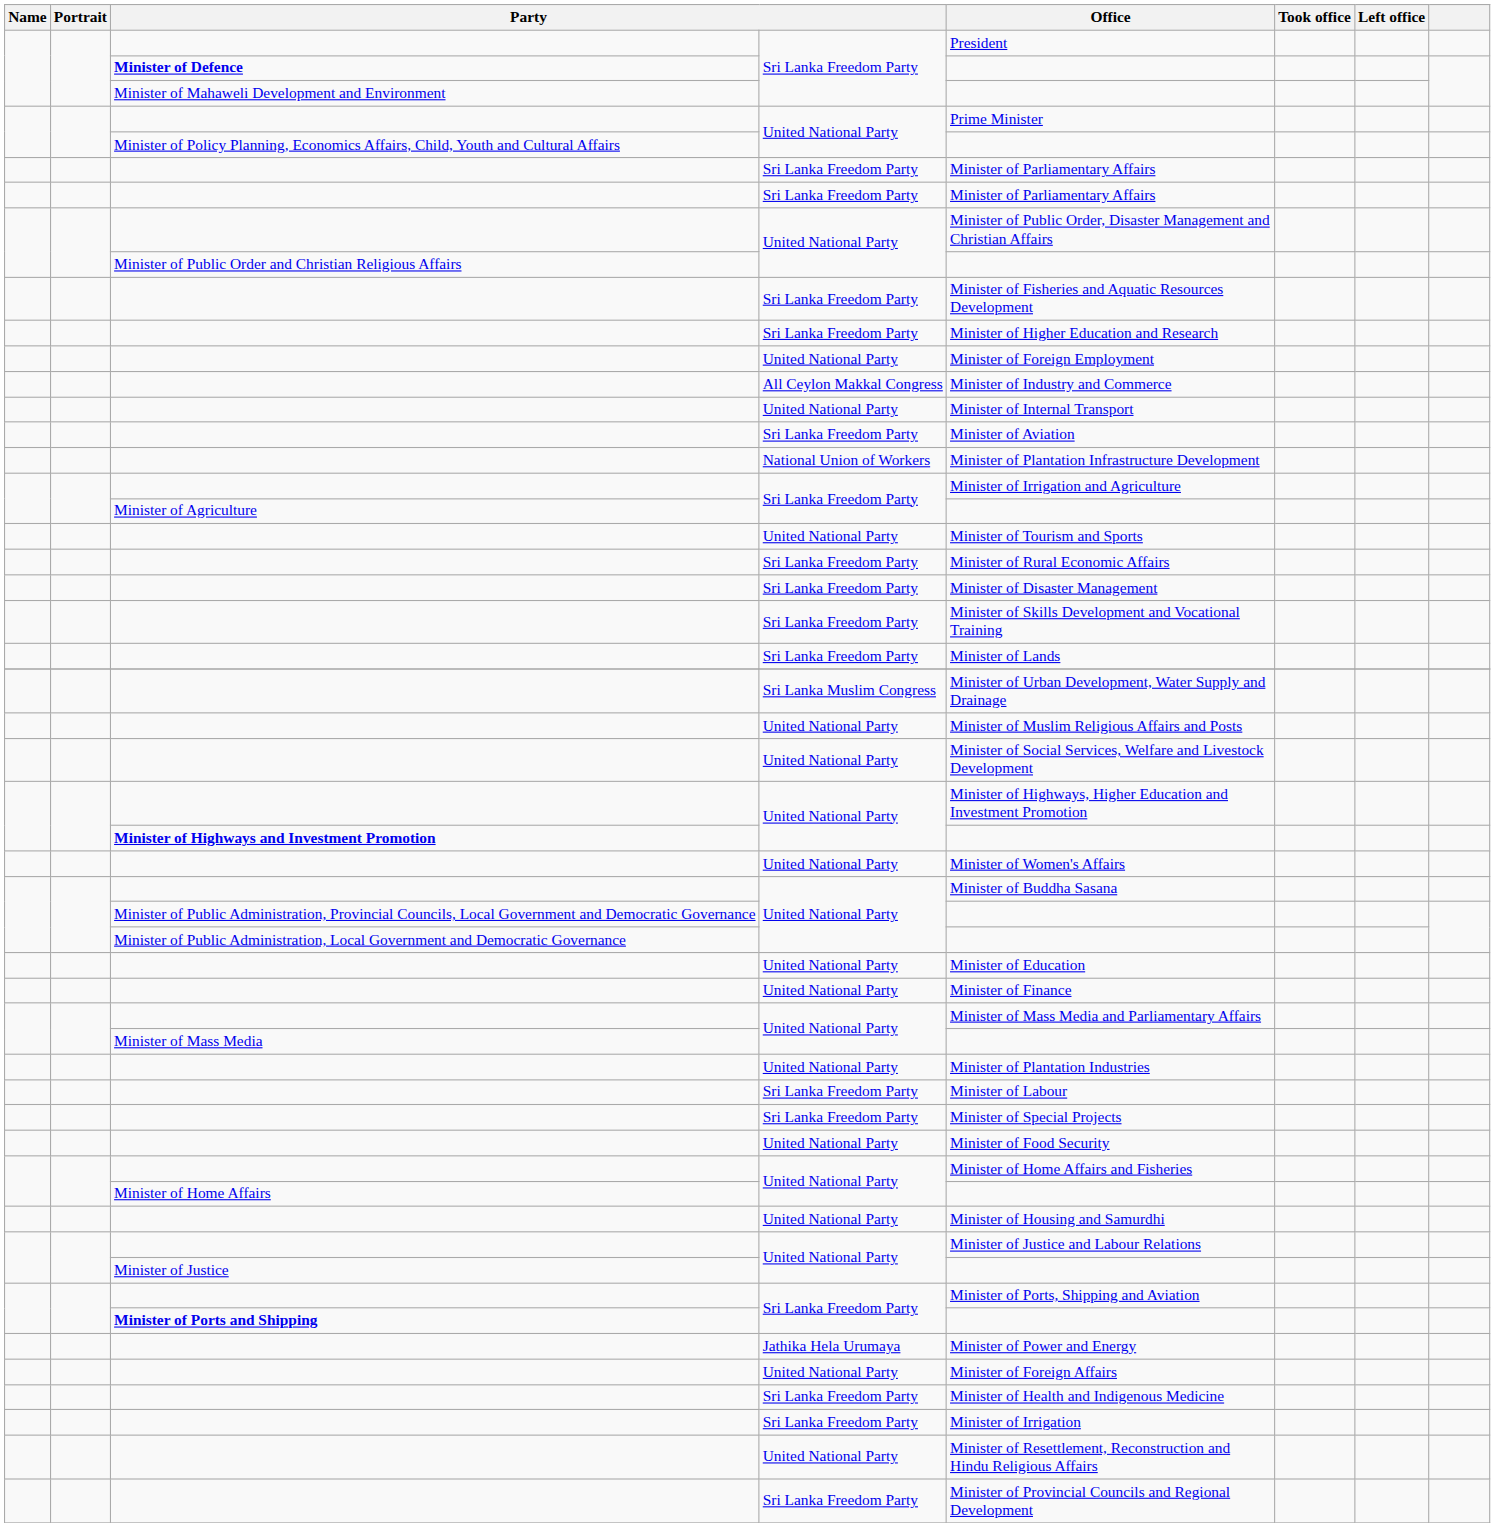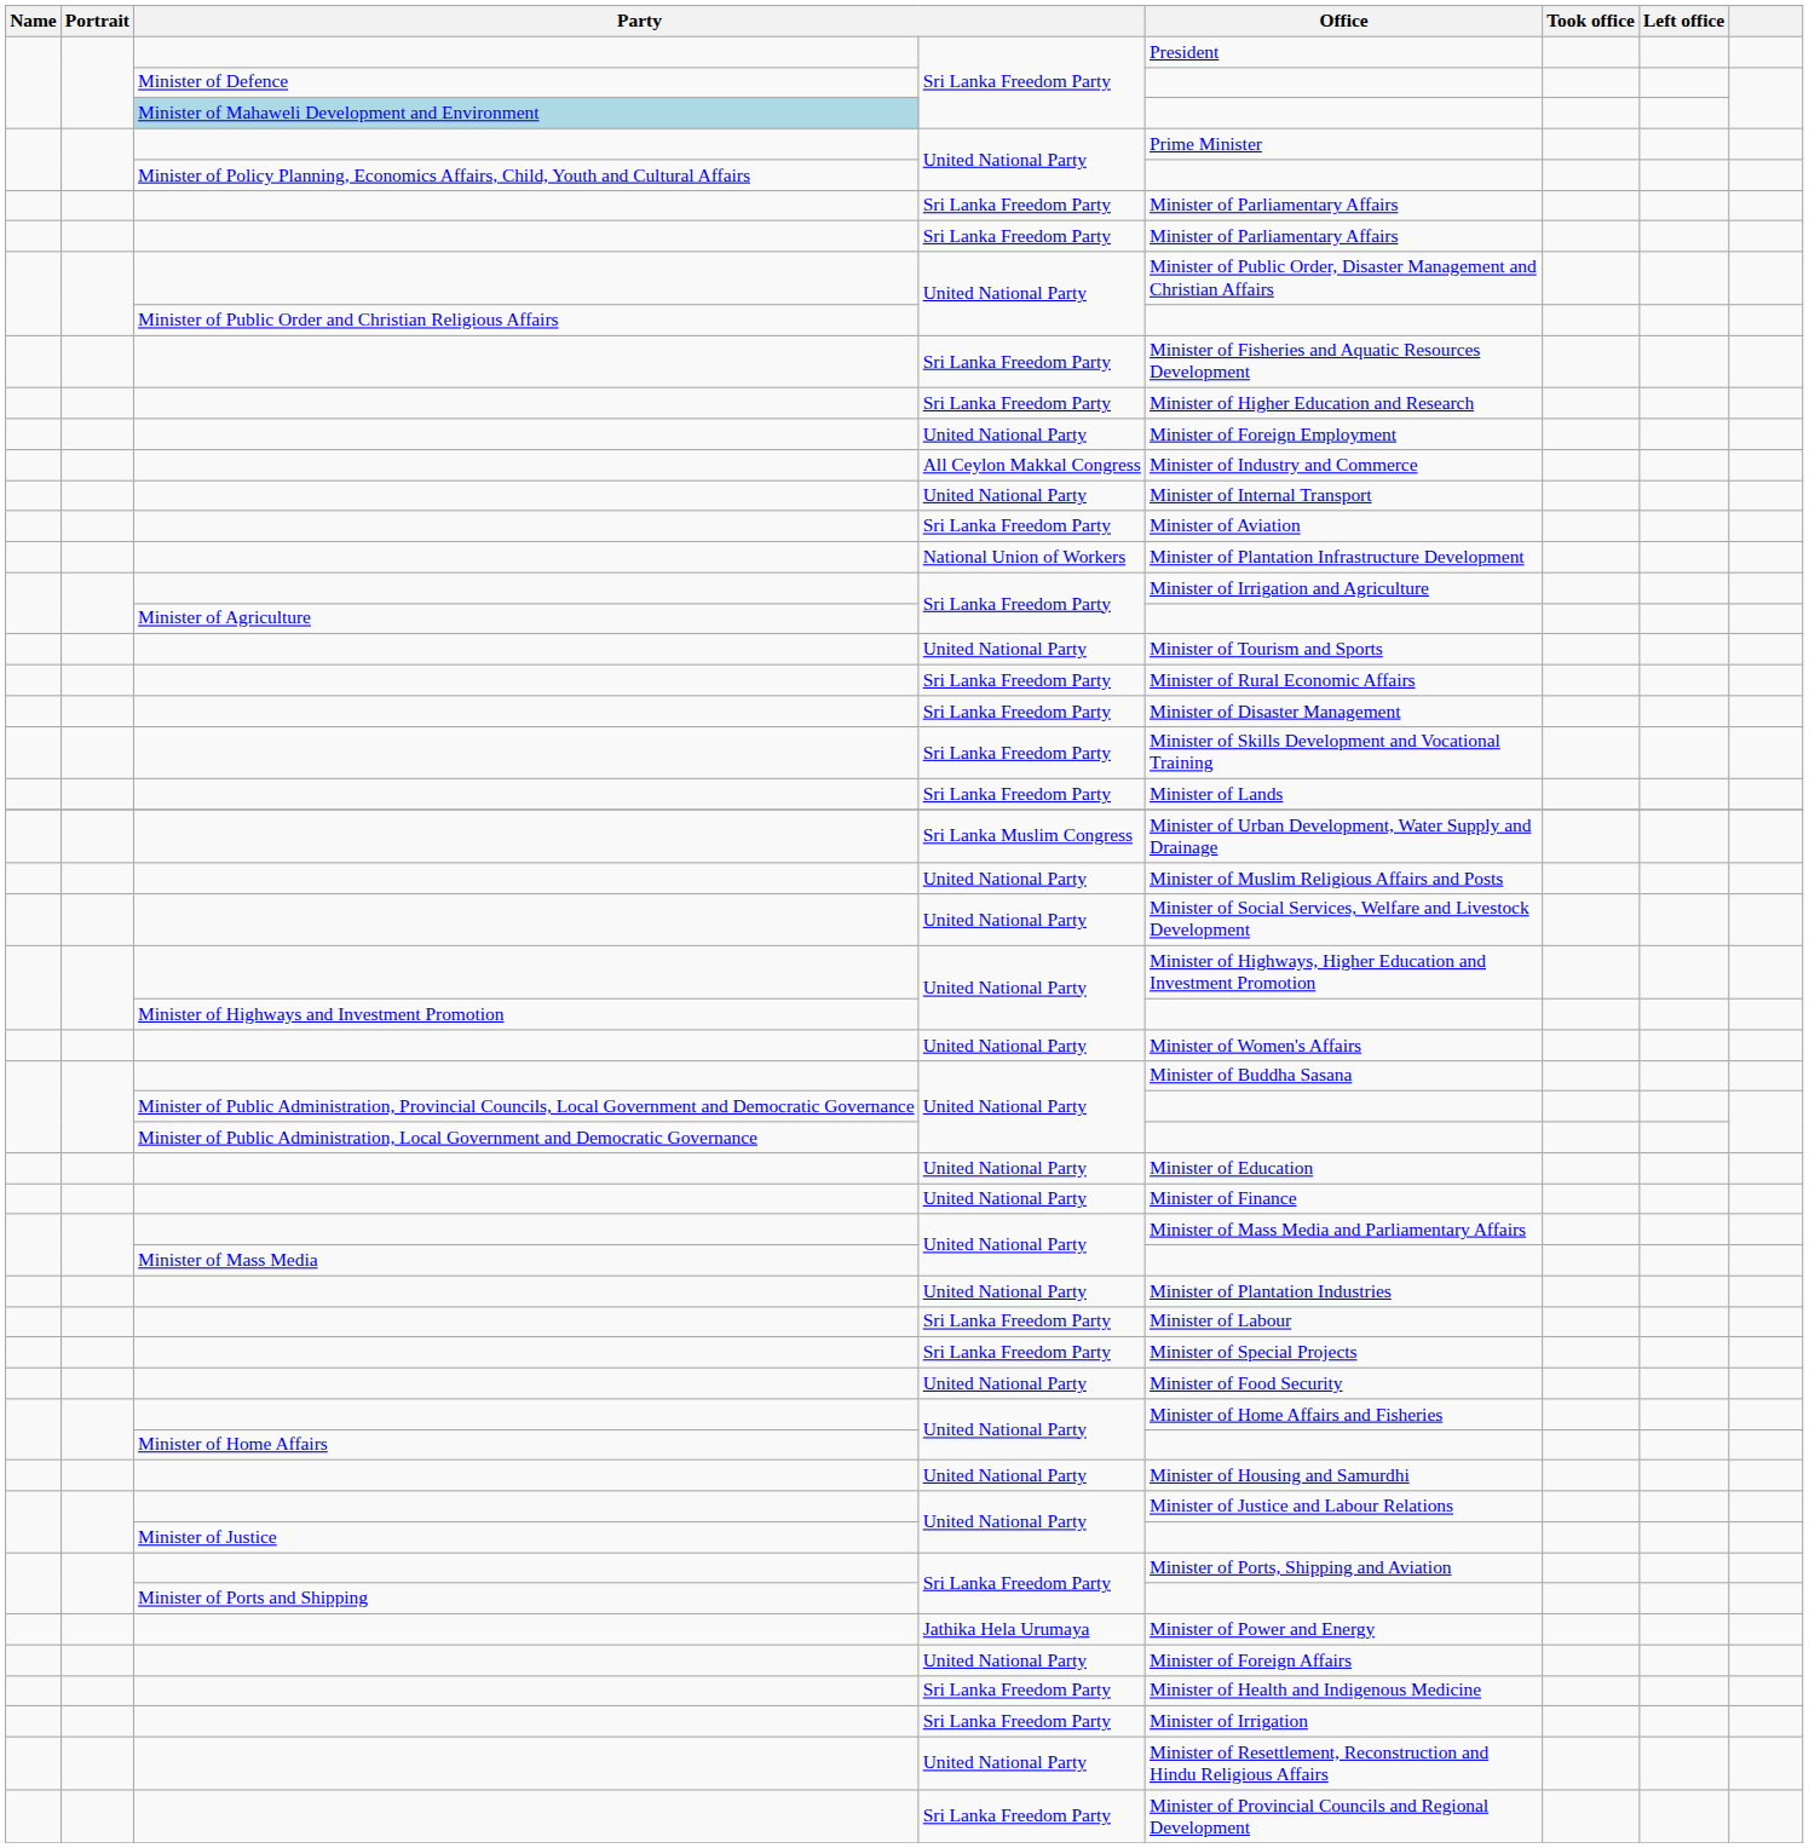 <table class="wikitable plainrowheaders sortable" style="font-size:90%; text-align:left;">
 <tr>
 <th scope=col>Name</th>
 <th scope=col class=unsortable>Portrait</th>
 <th scope=col colspan="2">Party</th>
 <th scope=col width=300px>Office</th>
 <th scope=col>Took office</th>
 <th scope=col>Left office</th>
 <th scope=col width=50px class=unsortable></th>
 </tr>
 <tr>
 <td rowspan=3></td>
 <td align=center rowspan=3></td>
 <td !align="center" style="background:"></td>
 <td rowspan=3><a href='#'>Sri Lanka Freedom Party</a></td>
 <td><a href='#'>President</a></td>
 <td align=center></td>
 <td align=center></td>
 <td align=center></td>
 </tr>
 <tr>
-<td><strong><a href='#'>Minister of Defence</a></strong></td>
+<td><a href='#'>Minister of Defence</a></td>
 <td align=center></td>
 <td align=center></td>
 <td align=center></td>
 </tr>
 <tr>
-<td><a href='#'>Minister of Mahaweli Development and Environment</a></td>
+<td style="background: lightblue;"><a href='#'>Minister of Mahaweli Development and Environment</a></td>
 <td align=center></td>
 <td align=center></td>
 <td align=center></td>
 </tr>
 <tr>
 <td rowspan=2></td>
 <td align=center rowspan=2></td>
 <td !align="center" style="background:"></td>
 <td rowspan=2><a href='#'>United National Party</a></td>
 <td><a href='#'>Prime Minister</a></td>
 <td align=center></td>
 <td align=center></td>
 <td align=center></td>
 </tr>
 <tr>
 <td><a href='#'>Minister of Policy Planning, Economics Affairs, Child, Youth and Cultural Affairs</a></td>
 <td align=center></td>
 <td align=center></td>
 <td align=center></td>
 </tr>
 <tr>
 <td></td>
 <td align=center></td>
 <td !align="center" style="background:"></td>
 <td><a href='#'>Sri Lanka Freedom Party</a></td>
 <td><a href='#'>Minister of Parliamentary Affairs</a></td>
 <td align=center></td>
 <td align=center></td>
 <td align=center></td>
 </tr>
 <tr>
 <td></td>
 <td align=center></td>
 <td !align="center" style="background:"></td>
 <td><a href='#'>Sri Lanka Freedom Party</a></td>
 <td><a href='#'>Minister of Parliamentary Affairs</a></td>
 <td align=center></td>
 <td align=center></td>
 <td align=center></td>
 </tr>
 <tr>
 <td rowspan=2></td>
 <td align=center rowspan=2></td>
 <td !align="center" style="background:"></td>
 <td rowspan=2><a href='#'>United National Party</a></td>
 <td><a href='#'>Minister of Public Order, Disaster Management and Christian Affairs</a></td>
 <td align=center></td>
 <td align=center></td>
 <td align=center></td>
 </tr>
 <tr>
 <td><a href='#'>Minister of Public Order and Christian Religious Affairs</a></td>
 <td align=center></td>
 <td align=center></td>
 <td align=center></td>
 </tr>
 <tr>
 <td></td>
 <td align=center></td>
 <td !align="center" style="background:"></td>
 <td><a href='#'>Sri Lanka Freedom Party</a></td>
 <td><a href='#'>Minister of Fisheries and Aquatic Resources Development</a></td>
 <td align=center></td>
 <td align=center></td>
 <td align=center></td>
 </tr>
 <tr>
 <td></td>
 <td align=center></td>
 <td !align="center" style="background:"></td>
 <td><a href='#'>Sri Lanka Freedom Party</a></td>
 <td><a href='#'>Minister of Higher Education and Research</a></td>
 <td align=center></td>
 <td align=center></td>
 <td align=center></td>
 </tr>
 <tr>
 <td></td>
 <td align=center></td>
 <td !align="center" style="background:"></td>
 <td><a href='#'>United National Party</a></td>
 <td><a href='#'>Minister of Foreign Employment</a></td>
 <td align=center></td>
 <td align=center></td>
 <td align=center></td>
 </tr>
 <tr>
 <td></td>
 <td align=center></td>
 <td !align="center" style="background:"></td>
 <td><a href='#'>All Ceylon Makkal Congress</a></td>
 <td><a href='#'>Minister of Industry and Commerce</a></td>
 <td align=center></td>
 <td align=center></td>
 <td align=center></td>
 </tr>
 <tr>
 <td></td>
 <td align=center></td>
 <td !align="center" style="background:"></td>
 <td><a href='#'>United National Party</a></td>
 <td><a href='#'>Minister of Internal Transport</a></td>
 <td align=center></td>
 <td align=center></td>
 <td align=center></td>
 </tr>
 <tr>
 <td></td>
 <td align=center></td>
 <td !align="center" style="background:"></td>
 <td><a href='#'>Sri Lanka Freedom Party</a></td>
 <td><a href='#'>Minister of Aviation</a></td>
 <td align=center></td>
 <td align=center></td>
 <td align=center></td>
 </tr>
 <tr>
 <td></td>
 <td align=center></td>
 <td !align="center" style="background:"></td>
 <td><a href='#'>National Union of Workers</a></td>
 <td><a href='#'>Minister of Plantation Infrastructure Development</a></td>
 <td align=center></td>
 <td align=center></td>
 <td align=center></td>
 </tr>
 <tr>
 <td rowspan=2></td>
 <td align=center rowspan=2></td>
 <td !align="center" style="background:"></td>
 <td rowspan=2><a href='#'>Sri Lanka Freedom Party</a></td>
 <td><a href='#'>Minister of Irrigation and Agriculture</a></td>
 <td align=center></td>
 <td align=center></td>
 <td align=center></td>
 </tr>
 <tr>
 <td><a href='#'>Minister of Agriculture</a></td>
 <td align=center></td>
 <td align=center></td>
 <td align=center></td>
 </tr>
 <tr>
 <td></td>
 <td align=center></td>
 <td !align="center" style="background:"></td>
 <td><a href='#'>United National Party</a></td>
 <td><a href='#'>Minister of Tourism and Sports</a></td>
 <td align=center></td>
 <td align=center></td>
 <td align=center></td>
 </tr>
 <tr>
 <td></td>
 <td align=center></td>
 <td !align="center" style="background:"></td>
 <td><a href='#'>Sri Lanka Freedom Party</a></td>
 <td><a href='#'>Minister of Rural Economic Affairs</a></td>
 <td align=center></td>
 <td align=center></td>
 <td align=center></td>
 </tr>
 <tr>
 <td></td>
 <td align=center></td>
 <td !align="center" style="background:"></td>
 <td><a href='#'>Sri Lanka Freedom Party</a></td>
 <td><a href='#'>Minister of Disaster Management</a></td>
 <td align=center></td>
 <td align=center></td>
 <td align=center></td>
 </tr>
 <tr>
 <td></td>
 <td align=center></td>
 <td !align="center" style="background:"></td>
 <td><a href='#'>Sri Lanka Freedom Party</a></td>
 <td><a href='#'>Minister of Skills Development and Vocational Training</a></td>
 <td align=center></td>
 <td align=center></td>
 <td align=center></td>
 </tr>
 <tr>
 <td></td>
 <td align=center></td>
 <td !align="center" style="background:"></td>
 <td><a href='#'>Sri Lanka Freedom Party</a></td>
 <td><a href='#'>Minister of Lands</a></td>
 <td align=center></td>
 <td align=center></td>
 <td align=center></td>
 </tr>
 <tr>
 </tr>
 <tr>
 <td></td>
 <td align=center></td>
 <td !align="center" style="background:"></td>
 <td><a href='#'>Sri Lanka Muslim Congress</a></td>
 <td><a href='#'>Minister of Urban Development, Water Supply and Drainage</a></td>
 <td align=center></td>
 <td align=center></td>
 <td align=center></td>
 </tr>
 <tr>
 <td></td>
 <td align=center></td>
 <td !align="center" style="background:"></td>
 <td><a href='#'>United National Party</a></td>
 <td><a href='#'>Minister of Muslim Religious Affairs and Posts</a></td>
 <td align=center></td>
 <td align=center></td>
 <td align=center></td>
 </tr>
 <tr>
 <td></td>
 <td align=center></td>
 <td !align="center" style="background:"></td>
 <td><a href='#'>United National Party</a></td>
 <td><a href='#'>Minister of Social Services, Welfare and Livestock Development</a></td>
 <td align=center></td>
 <td align=center></td>
 <td align=center></td>
 </tr>
 <tr>
 <td rowspan=2></td>
 <td align=center rowspan=2></td>
 <td !align="center" style="background:"></td>
 <td rowspan=2><a href='#'>United National Party</a></td>
 <td><a href='#'>Minister of Highways, Higher Education and Investment Promotion</a></td>
 <td align=center></td>
 <td align=center></td>
 <td align=center></td>
 </tr>
 <tr>
-<td><strong><a href='#'>Minister of Highways and Investment Promotion</a></strong></td>
+<td><a href='#'>Minister of Highways and Investment Promotion</a></td>
 <td align=center></td>
 <td align=center></td>
 <td align=center></td>
 </tr>
 <tr>
 <td></td>
 <td align=center></td>
 <td !align="center" style="background:"></td>
 <td><a href='#'>United National Party</a></td>
 <td><a href='#'>Minister of Women's Affairs</a></td>
 <td align=center></td>
 <td align=center></td>
 <td align=center></td>
 </tr>
 <tr>
 <td rowspan=3></td>
 <td align=center rowspan=3></td>
 <td !align="center" style="background:"></td>
 <td rowspan=3><a href='#'>United National Party</a></td>
 <td><a href='#'>Minister of Buddha Sasana</a></td>
 <td align=center></td>
 <td align=center></td>
 <td align=center></td>
 </tr>
 <tr>
 <td><a href='#'>Minister of Public Administration, Provincial Councils, Local Government and Democratic Governance</a></td>
 <td align=center></td>
 <td align=center></td>
 <td align=center></td>
 </tr>
 <tr>
 <td><a href='#'>Minister of Public Administration, Local Government and Democratic Governance</a></td>
 <td align=center></td>
 <td align=center></td>
 <td align=center></td>
 </tr>
 <tr>
 <td></td>
 <td align=center></td>
 <td !align="center" style="background:"></td>
 <td><a href='#'>United National Party</a></td>
 <td><a href='#'>Minister of Education</a></td>
 <td align=center></td>
 <td align=center></td>
 <td align=center></td>
 </tr>
 <tr>
 <td></td>
 <td align=center></td>
 <td !align="center" style="background:"></td>
 <td><a href='#'>United National Party</a></td>
 <td><a href='#'>Minister of Finance</a></td>
 <td align=center></td>
 <td align=center></td>
 <td align=center></td>
 </tr>
 <tr>
 <td rowspan=2></td>
 <td align=center rowspan=2></td>
 <td !align="center" style="background:"></td>
 <td rowspan=2><a href='#'>United National Party</a></td>
 <td><a href='#'>Minister of Mass Media and Parliamentary Affairs</a></td>
 <td align=center></td>
 <td align=center></td>
 <td align=center></td>
 </tr>
 <tr>
 <td><a href='#'>Minister of Mass Media</a></td>
 <td align=center></td>
 <td align=center></td>
 <td align=center></td>
 </tr>
 <tr>
 <td></td>
 <td align=center></td>
 <td !align="center" style="background:"></td>
 <td><a href='#'>United National Party</a></td>
 <td><a href='#'>Minister of Plantation Industries</a></td>
 <td align=center></td>
 <td align=center></td>
 <td align=center></td>
 </tr>
 <tr>
 <td></td>
 <td align=center></td>
 <td !align="center" style="background:"></td>
 <td><a href='#'>Sri Lanka Freedom Party</a></td>
 <td><a href='#'>Minister of Labour</a></td>
 <td align=center></td>
 <td align=center></td>
 <td align=center></td>
 </tr>
 <tr>
 <td></td>
 <td align=center></td>
 <td !align="center" style="background:"></td>
 <td><a href='#'>Sri Lanka Freedom Party</a></td>
 <td><a href='#'>Minister of Special Projects</a></td>
 <td align=center></td>
 <td align=center></td>
 <td align=center></td>
 </tr>
 <tr>
 <td></td>
 <td align=center></td>
 <td !align="center" style="background:"></td>
 <td><a href='#'>United National Party</a></td>
 <td><a href='#'>Minister of Food Security</a></td>
 <td align=center></td>
 <td align=center></td>
 <td align=center></td>
 </tr>
 <tr>
 <td rowspan=2></td>
 <td align=center rowspan=2></td>
 <td !align="center" style="background:"></td>
 <td rowspan=2><a href='#'>United National Party</a></td>
 <td><a href='#'>Minister of Home Affairs and Fisheries</a></td>
 <td align=center></td>
 <td align=center></td>
 <td align=center></td>
 </tr>
 <tr>
 <td><a href='#'>Minister of Home Affairs</a></td>
 <td align=center></td>
 <td align=center></td>
 <td align=center></td>
 </tr>
 <tr>
 <td></td>
 <td align=center></td>
 <td !align="center" style="background:"></td>
 <td><a href='#'>United National Party</a></td>
 <td><a href='#'>Minister of Housing and Samurdhi</a></td>
 <td align=center></td>
 <td align=center></td>
 <td align=center></td>
 </tr>
 <tr>
 <td rowspan=2></td>
 <td align=center rowspan=2></td>
 <td !align="center" style="background:"></td>
 <td rowspan=2><a href='#'>United National Party</a></td>
 <td><a href='#'>Minister of Justice and Labour Relations</a></td>
 <td align=center></td>
 <td align=center></td>
 <td align=center></td>
 </tr>
 <tr>
 <td><a href='#'>Minister of Justice</a></td>
 <td align=center></td>
 <td align=center></td>
 <td align=center></td>
 </tr>
 <tr>
 <td rowspan="2"></td>
 <td rowspan="2" align="center"></td>
 <td !align="center" style="background:"></td>
 <td rowspan="2"><a href='#'>Sri Lanka Freedom Party</a></td>
 <td><a href='#'>Minister of Ports, Shipping and Aviation</a></td>
 <td align=center></td>
 <td align=center></td>
 <td align="center"></td>
 </tr>
 <tr>
-<td><strong><a href='#'>Minister of Ports and Shipping</a></strong></td>
+<td><a href='#'>Minister of Ports and Shipping</a></td>
 <td align=center></td>
 <td align=center></td>
 <td align=center></td>
 </tr>
 <tr>
 <td></td>
 <td align=center></td>
 <td !align="center" style="background:"></td>
 <td><a href='#'>Jathika Hela Urumaya</a></td>
 <td><a href='#'>Minister of Power and Energy</a></td>
 <td align=center></td>
 <td align=center></td>
 <td align=center></td>
 </tr>
 <tr>
 <td></td>
 <td align=center></td>
 <td !align="center" style="background:"></td>
 <td><a href='#'>United National Party</a></td>
 <td><a href='#'>Minister of Foreign Affairs</a></td>
 <td align=center></td>
 <td align=center></td>
 <td align=center></td>
 </tr>
 <tr>
 <td></td>
 <td align="center"></td>
 <td !align="center" style="background:"></td>
 <td><a href='#'>Sri Lanka Freedom Party</a></td>
 <td><a href='#'>Minister of Health and Indigenous Medicine</a></td>
 <td align=center></td>
 <td align=center></td>
 <td align="center"></td>
 </tr>
 <tr>
 <td></td>
 <td align=center></td>
 <td !align="center" style="background:"></td>
 <td><a href='#'>Sri Lanka Freedom Party</a></td>
 <td><a href='#'>Minister of Irrigation</a></td>
 <td align=center></td>
 <td align=center></td>
 <td align=center></td>
 </tr>
 <tr>
 <td></td>
 <td align=center></td>
 <td !align="center" style="background:"></td>
 <td><a href='#'>United National Party</a></td>
 <td><a href='#'>Minister of Resettlement, Reconstruction and Hindu Religious Affairs</a></td>
 <td align=center></td>
 <td align=center></td>
 <td align=center></td>
 </tr>
 <tr>
 <td></td>
 <td align=center></td>
 <td !align="center" style="background:"></td>
 <td><a href='#'>Sri Lanka Freedom Party</a></td>
 <td><a href='#'>Minister of Provincial Councils and Regional Development</a></td>
 <td align=center></td>
 <td align=center></td>
 <td align=center></td>
 </tr>
 </table>
